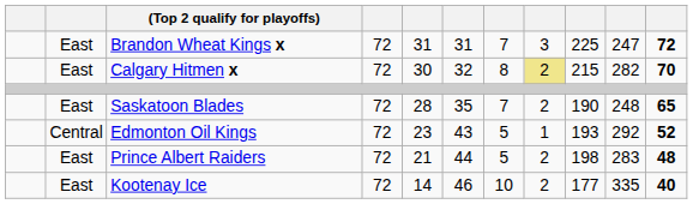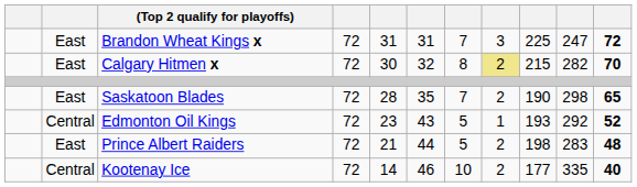 <table class="wikitable sortable">
 <tr>
 <th style="width:2em"></th>
 <th style="width:2em;"></th>
 <th style="width:15em;" class="unsortable"><small>(Top 2 qualify for playoffs)</small></th>
 <th style="width:2em;"></th>
 <th style="width:2em;"></th>
 <th style="width:2em;"></th>
 <th style="width:2em;"></th>
 <th style="width:2em;"></th>
 <th style="width:2em;"></th>
 <th style="width:2em;"></th>
 <th style="width:2em;"></th>
 </tr>
 <tr style="font-weight: ; text-align: center;">
 <td></td>
 <td>East</td>
 <td style="text-align:left;"><a href='#'>Brandon Wheat Kings</a> <strong>x</strong></td>
 <td>72</td>
 <td>31</td>
 <td>31</td>
 <td>7</td>
 <td>3</td>
 <td>225</td>
 <td>247</td>
 <td><strong>72</strong></td>
 </tr>
 <tr style="text-align: center;">
 <td></td>
 <td>East</td>
 <td style="text-align:left;"><a href='#'>Calgary Hitmen</a> <strong>x</strong></td>
 <td>72</td>
 <td>30</td>
 <td>32</td>
 <td>8</td>
 <td style="background: khaki;">2</td>
 <td>215</td>
 <td>282</td>
 <td><strong>70</strong></td>
 </tr>
 <tr style="color:#cccccc;background-color:#cccccc">
 <td style="height:2px" colspan=11></td>
 </tr>
 <tr style="text-align: center;">
 <td></td>
 <td>East</td>
 <td style="text-align:left;"><a href='#'>Saskatoon Blades</a></td>
 <td>72</td>
 <td>28</td>
 <td>35</td>
 <td>7</td>
 <td>2</td>
 <td>190</td>
-<td>248</td>
+<td>298</td>
 <td><strong>65</strong></td>
 </tr>
 <tr style="font-weight: ; text-align: center;">
 <td></td>
 <td>Central</td>
 <td style="text-align:left;"><a href='#'>Edmonton Oil Kings</a></td>
 <td>72</td>
 <td>23</td>
 <td>43</td>
 <td>5</td>
 <td>1</td>
 <td>193</td>
 <td>292</td>
 <td><strong>52</strong></td>
 </tr>
 <tr style="text-align: center;">
 <td></td>
 <td>East</td>
 <td style="text-align:left;"><a href='#'>Prince Albert Raiders</a></td>
 <td>72</td>
 <td>21</td>
 <td>44</td>
 <td>5</td>
 <td>2</td>
 <td>198</td>
 <td>283</td>
 <td><strong>48</strong></td>
 </tr>
 <tr style="text-align: center;">
 <td></td>
-<td>East</td>
+<td>Central</td>
 <td style="text-align:left;"><a href='#'>Kootenay Ice</a></td>
 <td>72</td>
 <td>14</td>
 <td>46</td>
 <td>10</td>
 <td>2</td>
 <td>177</td>
 <td>335</td>
 <td><strong>40</strong></td>
 </tr>
 </table>
